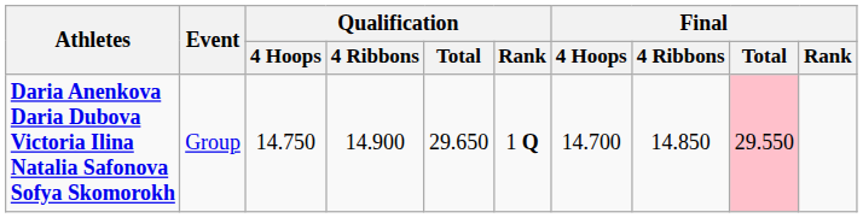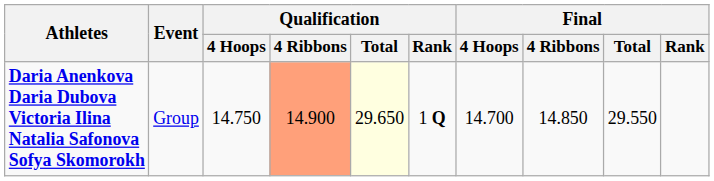 <table class="wikitable" style="font-size:90%">
 <tr>
 <th rowspan="2">Athletes</th>
 <th rowspan="2">Event</th>
 <th colspan="4">Qualification</th>
 <th colspan="4">Final</th>
 </tr>
 <tr style="font-size:95%">
 <th>4 Hoops</th>
 <th>4 Ribbons</th>
 <th>Total</th>
 <th>Rank</th>
 <th>4 Hoops</th>
 <th>4 Ribbons</th>
 <th>Total</th>
 <th>Rank</th>
 </tr>
 <tr align=center>
 <td align=left><strong><a href='#'>Daria Anenkova</a><br><a href='#'>Daria Dubova</a><br><a href='#'>Victoria Ilina</a><br><a href='#'>Natalia Safonova</a><br><a href='#'>Sofya Skomorokh</a></strong></td>
 <td align=left><a href='#'>Group</a></td>
 <td>14.750</td>
-<td>14.900</td>
-<td>29.650</td>
+<td style="background: lightsalmon;">14.900</td>
+<td style="background: lightyellow;">29.650</td>
 <td>1 <strong>Q</strong></td>
 <td>14.700</td>
 <td>14.850</td>
-<td style="background: pink;">29.550</td>
+<td>29.550</td>
 <td></td>
 </tr>
 </table>
